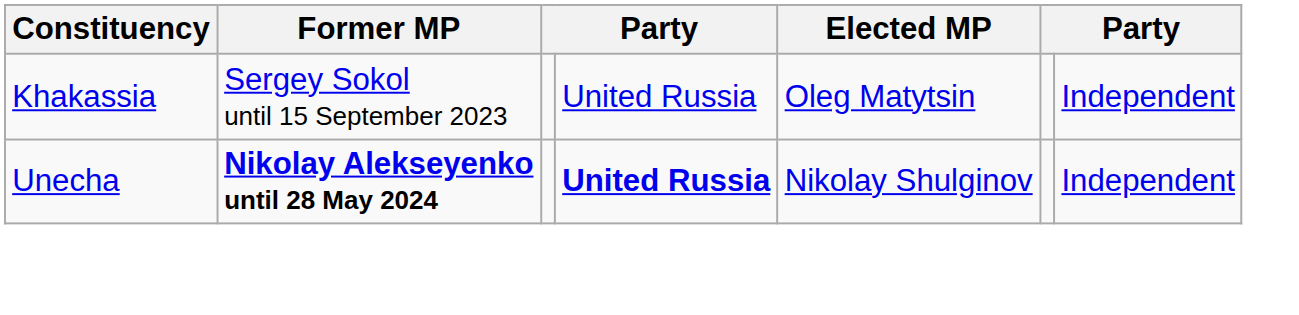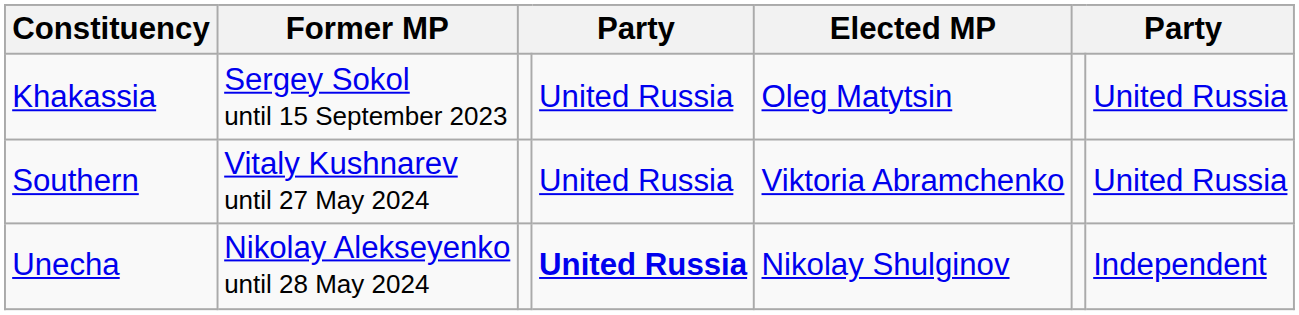 <table class="wikitable">
 <tr>
 <th>Constituency</th>
 <th>Former MP</th>
 <th colspan=2>Party</th>
 <th>Elected MP</th>
 <th colspan=2>Party</th>
 </tr>
 <tr>
 <td><a href='#'>Khakassia</a></td>
 <td><a href='#'>Sergey Sokol</a><br> <small>until 15 September 2023</small></td>
 <td style="background-color:"></td>
 <td><a href='#'>United Russia</a></td>
 <td><a href='#'>Oleg Matytsin</a></td>
 <td style="background-color:"></td>
-<td><a href='#'>Independent</a></td>
+<td><a href='#'>United Russia</a></td>
+</tr>
+<tr>
+<td><a href='#'>Southern</a></td>
+<td><a href='#'>Vitaly Kushnarev</a><br> <small>until 27 May 2024</small></td>
+<td style="background-color:"></td>
+<td><a href='#'>United Russia</a></td>
+<td><a href='#'>Viktoria Abramchenko</a></td>
+<td style="background-color:"></td>
+<td><a href='#'>United Russia</a></td>
 </tr>
 <tr>
 <td><a href='#'>Unecha</a></td>
-<td><strong><a href='#'>Nikolay Alekseyenko</a><br> <small>until 28 May 2024</small></strong></td>
+<td><a href='#'>Nikolay Alekseyenko</a><br> <small>until 28 May 2024</small></td>
 <td style="background-color:"></td>
 <td><strong><a href='#'>United Russia</a></strong></td>
 <td><a href='#'>Nikolay Shulginov</a></td>
 <td style="background-color:"></td>
 <td><a href='#'>Independent</a></td>
 </tr>
 </table>
